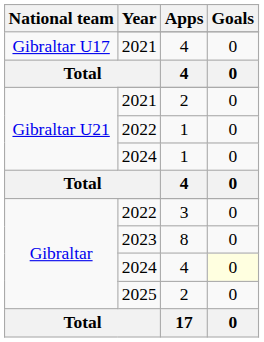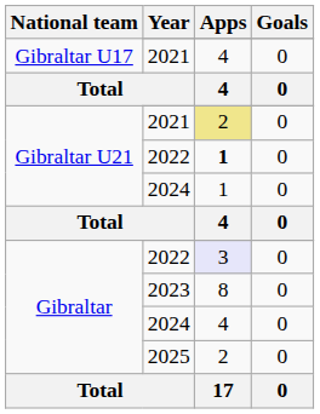 <table class=wikitable style="text-align: center;">
 <tr>
 <th>National team</th>
 <th>Year</th>
 <th>Apps</th>
 <th>Goals</th>
 </tr>
 <tr>
 <td rowspan=2><a href='#'>Gibraltar U17</a></td>
 </tr>
 <tr>
 <td>2021</td>
 <td>4</td>
 <td>0</td>
 </tr>
 <tr>
 <th colspan=2>Total</th>
 <th>4</th>
 <th>0</th>
 </tr>
 <tr>
 <td rowspan=4><a href='#'>Gibraltar U21</a></td>
 </tr>
 <tr>
 <td>2021</td>
-<td>2</td>
+<td style="background: khaki;">2</td>
 <td>0</td>
 </tr>
 <tr>
 <td>2022</td>
-<td>1</td>
+<td><strong>1</strong></td>
 <td>0</td>
 </tr>
 <tr>
 <td>2024</td>
 <td>1</td>
 <td>0</td>
 </tr>
 <tr>
 <th colspan=2>Total</th>
 <th>4</th>
 <th>0</th>
 </tr>
 <tr>
 <td rowspan=5><a href='#'>Gibraltar</a></td>
 </tr>
 <tr>
 <td>2022</td>
-<td>3</td>
+<td style="background: lavender;">3</td>
 <td>0</td>
 </tr>
 <tr>
 <td>2023</td>
 <td>8</td>
 <td>0</td>
 </tr>
 <tr>
 <td>2024</td>
 <td>4</td>
-<td style="background: lightyellow;">0</td>
+<td>0</td>
 </tr>
 <tr>
 <td>2025</td>
 <td>2</td>
 <td>0</td>
 </tr>
 <tr>
 <th colspan=2>Total</th>
 <th>17</th>
 <th>0</th>
 </tr>
 </table>
